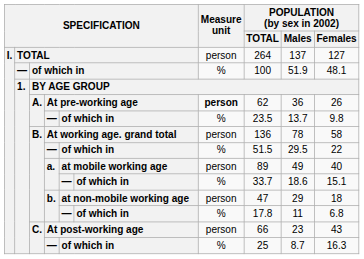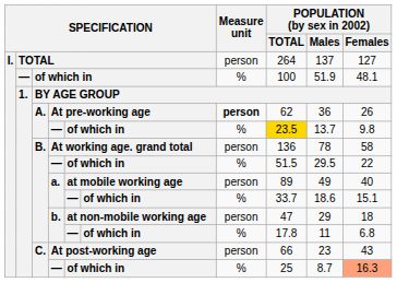 <table class="wikitable" style="font-size:85%; text-align:center">
 <tr>
 <th rowspan="2" colspan="6">SPECIFICATION</th>
 <th rowspan="2">Measure<br> unit</th>
 <th colspan="3" rowspan="1">POPULATION<br> (by sex in 2002)</th>
 </tr>
 <tr>
 <th>TOTAL</th>
 <th>Males</th>
 <th>Females</th>
 </tr>
 <tr>
 <th style="text-align:left" valign="top" rowspan="13">I.</th>
 <th style="text-align:left" colspan="5">TOTAL</th>
 <td>person</td>
 <td>264</td>
 <td>137</td>
 <td>127</td>
 </tr>
 <tr>
 <th style="text-align:left" valign="top">—</th>
 <th style="text-align:left" colspan="4">of which in</th>
 <td>%</td>
 <td>100</td>
 <td>51.9</td>
 <td>48.1</td>
 </tr>
 <tr>
 <th style="text-align:left" valign="top" rowspan="11">1.</th>
 <th style="text-align:left" colspan="19">BY AGE GROUP</th>
 </tr>
 <tr>
 <th style="text-align:left" valign="top" rowspan="2">A.</th>
 <th style="text-align:left" colspan="3">At pre-working age</th>
 <td><strong>person</strong></td>
 <td>62</td>
 <td>36</td>
 <td>26</td>
 </tr>
 <tr>
 <th style="text-align:left" valign="top">—</th>
 <th style="text-align:left" valign="top" colspan="2">of which in</th>
 <td>%</td>
-<td>23.5</td>
+<td style="background: gold;">23.5</td>
 <td>13.7</td>
 <td>9.8</td>
 </tr>
 <tr>
 <th style="text-align:left" valign="top" rowspan="6">B.</th>
 <th style="text-align:left" colspan="3">At working age. grand total</th>
 <td>person</td>
 <td>136</td>
 <td>78</td>
 <td>58</td>
 </tr>
 <tr>
 <th style="text-align:left" valign="top">—</th>
 <th style="text-align:left" valign="top" colspan="2">of which in</th>
 <td>%</td>
 <td>51.5</td>
 <td>29.5</td>
 <td>22</td>
 </tr>
 <tr>
 <th style="text-align:left" valign="top" rowspan="2">a.</th>
 <th style="text-align:left" colspan="2">at mobile working age</th>
 <td>person</td>
 <td>89</td>
 <td>49</td>
 <td>40</td>
 </tr>
 <tr>
 <th style="text-align:left" valign="top">—</th>
 <th style="text-align:left" valign="top" colspan="1">of which in                        </th>
 <td>%</td>
 <td>33.7</td>
 <td>18.6</td>
 <td>15.1</td>
 </tr>
 <tr>
 <th style="text-align:left" valign="top" rowspan="2">b.</th>
 <th style="text-align:left" colspan="2">at non-mobile working age</th>
 <td>person</td>
 <td>47</td>
 <td>29</td>
 <td>18</td>
 </tr>
 <tr>
 <th style="text-align:left" valign="top">—</th>
 <th style="text-align:left" valign="top" colspan="1">of which in                        </th>
 <td>%</td>
 <td>17.8</td>
 <td>11</td>
 <td>6.8</td>
 </tr>
 <tr>
 <th style="text-align:left" valign="top" rowspan="2">C.</th>
 <th style="text-align:left" colspan="3">At post-working age</th>
 <td>person</td>
 <td>66</td>
 <td>23</td>
 <td>43</td>
 </tr>
 <tr>
 <th style="text-align:left" valign="top">—</th>
 <th style="text-align:left" valign="top" colspan="2">of which in</th>
 <td>%</td>
 <td>25</td>
 <td>8.7</td>
-<td>16.3</td>
+<td style="background: lightsalmon;">16.3</td>
 </tr>
 </table>
